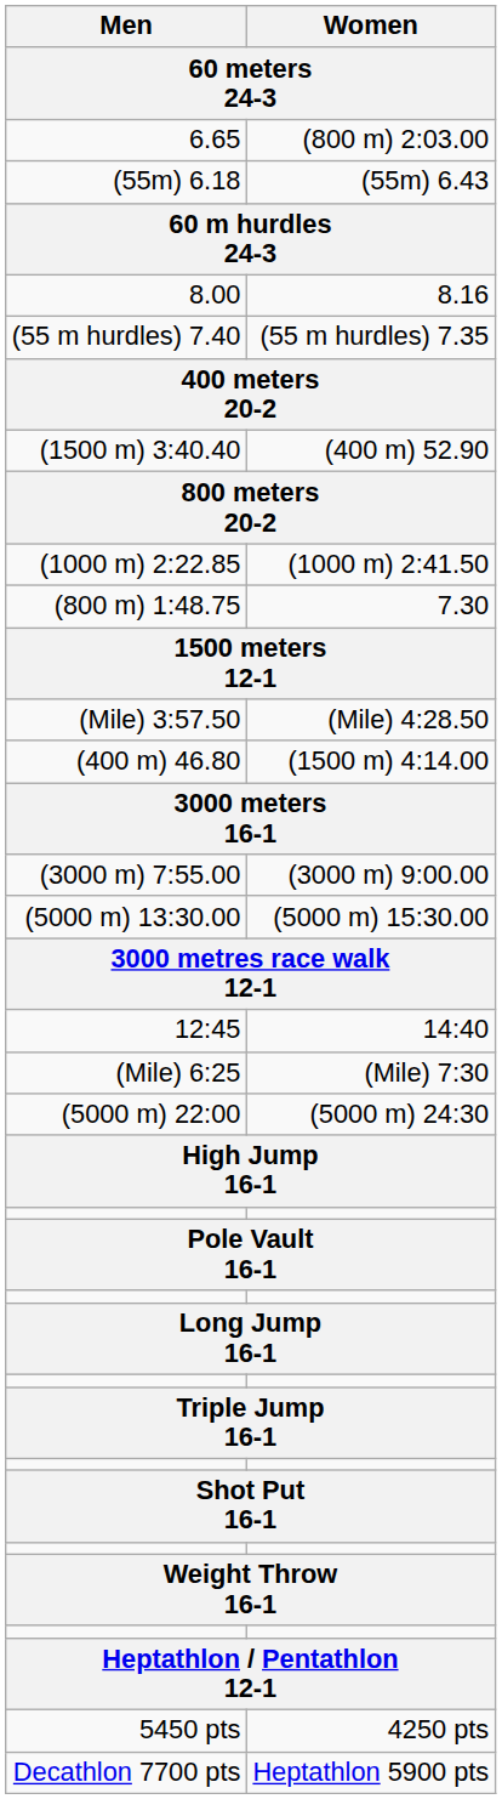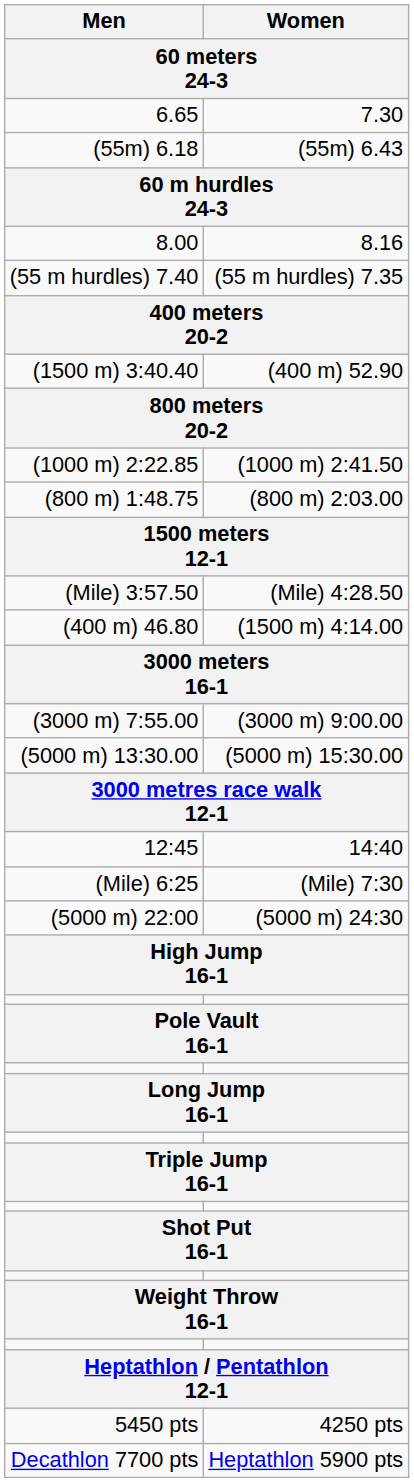 <table class="wikitable sortable collapsible " style="text-align:right;">
 <tr>
 <th>Men</th>
 <th>Women</th>
 </tr>
 <tr>
 <th colspan="2">60 meters<br>24-3</th>
 </tr>
 <tr>
 <td>6.65</td>
-<td>(800 m) 2:03.00</td>
+<td>7.30</td>
 </tr>
 <tr>
 <td>(55m) 6.18</td>
 <td>(55m) 6.43</td>
 </tr>
 <tr>
 <th colspan="2">60 m hurdles<br>24-3</th>
 </tr>
 <tr>
 <td>8.00</td>
 <td>8.16</td>
 </tr>
 <tr>
 <td>(55 m hurdles) 7.40</td>
 <td>(55 m hurdles) 7.35</td>
 </tr>
 <tr>
 <th colspan="2">400 meters<br>20-2</th>
 </tr>
 <tr>
 <td>(1500 m) 3:40.40</td>
 <td>(400 m) 52.90</td>
 </tr>
 <tr>
 <th colspan="2">800 meters<br>20-2</th>
 </tr>
 <tr>
 <td>(1000 m) 2:22.85</td>
 <td>(1000 m) 2:41.50</td>
 </tr>
 <tr>
 <td>(800 m) 1:48.75</td>
-<td>7.30</td>
+<td>(800 m) 2:03.00</td>
 </tr>
 <tr>
 <th colspan="2">1500 meters<br>12-1</th>
 </tr>
 <tr>
 <td>(Mile) 3:57.50</td>
 <td>(Mile) 4:28.50</td>
 </tr>
 <tr>
 <td>(400 m) 46.80</td>
 <td>(1500 m) 4:14.00</td>
 </tr>
 <tr>
 <th colspan="2">3000 meters<br>16-1</th>
 </tr>
 <tr>
 <td>(3000 m) 7:55.00</td>
 <td>(3000 m) 9:00.00</td>
 </tr>
 <tr>
 <td>(5000 m) 13:30.00</td>
 <td>(5000 m) 15:30.00</td>
 </tr>
 <tr>
 <th colspan="2"><a href='#'>3000 metres race walk</a><br>12-1</th>
 </tr>
 <tr>
 <td>12:45</td>
 <td>14:40</td>
 </tr>
 <tr>
 <td>(Mile) 6:25</td>
 <td>(Mile) 7:30</td>
 </tr>
 <tr>
 <td>(5000 m) 22:00</td>
 <td>(5000 m) 24:30</td>
 </tr>
 <tr>
 <th colspan="2">High Jump<br>16-1</th>
 </tr>
 <tr>
 <td></td>
 <td></td>
 </tr>
 <tr>
 <th colspan="2">Pole Vault<br>16-1</th>
 </tr>
 <tr>
 <td></td>
 <td></td>
 </tr>
 <tr>
 <th colspan="2">Long Jump<br>16-1</th>
 </tr>
 <tr>
 <td></td>
 <td></td>
 </tr>
 <tr>
 <th colspan="2">Triple Jump<br>16-1</th>
 </tr>
 <tr>
 <td></td>
 <td></td>
 </tr>
 <tr>
 <th colspan="2">Shot Put<br>16-1</th>
 </tr>
 <tr>
 <td></td>
 <td></td>
 </tr>
 <tr>
 <th colspan="2">Weight Throw<br>16-1</th>
 </tr>
 <tr>
 <td></td>
 <td></td>
 </tr>
 <tr>
 <th colspan="2"><a href='#'>Heptathlon</a> / <a href='#'>Pentathlon</a><br>12-1</th>
 </tr>
 <tr>
 <td>5450 pts</td>
 <td>4250 pts</td>
 </tr>
 <tr>
 <td><a href='#'>Decathlon</a> 7700 pts</td>
 <td><a href='#'>Heptathlon</a> 5900 pts</td>
 </tr>
 <tr>
 </tr>
 </table>
